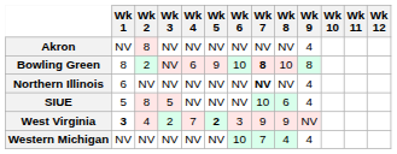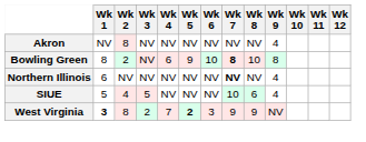 <table class="wikitable" style="white-space:nowrap;font-size:90%;text-align:center;">
 <tr>
 <th style="background:white; border-top-style:hidden; border-left-style:hidden;"> </th>
 <th>Wk<br> 1</th>
 <th>Wk<br>2</th>
 <th>Wk<br>3</th>
 <th>Wk<br>4</th>
 <th>Wk<br>5</th>
 <th>Wk<br>6</th>
 <th>Wk<br>7</th>
 <th>Wk<br>8</th>
 <th>Wk<br>9</th>
 <th>Wk<br>10</th>
 <th>Wk<br>11</th>
 <th>Wk<br>12</th>
 </tr>
 <tr>
 <th>Akron</th>
 <td style="background:#FFF;">NV</td>
 <td style="background:#ffe6e6;">8</td>
 <td style="background:#FFF;">NV</td>
 <td style="background:#FFF;">NV</td>
 <td style="background:#FFF;">NV</td>
 <td style="background:#FFF;">NV</td>
 <td style="background:#FFF;">NV</td>
 <td style="background:#FFF;">NV</td>
 <td style="background:#FFF;">4</td>
 <td style="background:#FFF;"></td>
 <td style="background:#FFF;"></td>
 <td style="background:#FFF;"></td>
 </tr>
 <tr>
 <th>Bowling Green</th>
 <td style="background:#FFF;">8</td>
 <td style="background:#d8ffeb;">2</td>
 <td style="background:#ffe6e6;">NV</td>
 <td style="background:#ffe6e6;">6</td>
 <td style="background:#ffe6e6;">9</td>
 <td style="background:#d8ffeb;">10</td>
 <td style="background:#ffe6e6;"><strong>8</strong></td>
 <td style="background:#ffe6e6;">10</td>
 <td style="background:#d8ffeb;">8</td>
 <td style="background:#FFF;"></td>
 <td style="background:#FFF;"></td>
 <td style="background:#FFF;"></td>
 </tr>
 <tr>
 <th>Northern Illinois</th>
 <td style="background:#FFF;">6</td>
 <td style="background:#FFF;">NV</td>
 <td style="background:#FFF;">NV</td>
 <td style="background:#FFF;">NV</td>
 <td style="background:#FFF;">NV</td>
 <td style="background:#FFF;">NV</td>
 <td style="background:#FFF;"><strong>NV</strong></td>
 <td style="background:#FFF;">NV</td>
 <td style="background:#FFF;">4</td>
 <td style="background:#FFF;"></td>
 <td style="background:#FFF;"></td>
 <td style="background:#FFF;"></td>
 </tr>
 <tr>
 <th>SIUE</th>
 <td style="background:#FFF;">5</td>
-<td style="background:#ffe6e6;">8</td>
+<td style="background:#ffe6e6;">4</td>
 <td style="background:#ffe6e6;">5</td>
 <td style="background:#FFF;">NV</td>
 <td style="background:#FFF;">NV</td>
 <td style="background:#FFF;">NV</td>
 <td style="background:#d8ffeb;">10</td>
 <td style="background:#d8ffeb;">6</td>
 <td style="background:#FFF;">4</td>
 <td style="background:#FFF;"></td>
 <td style="background:#FFF;"></td>
 <td style="background:#FFF;"></td>
 </tr>
 <tr>
 <th>West Virginia</th>
 <td style="background:#FFF;"><strong>3</strong></td>
-<td style="background:#ffe6e6;">4</td>
+<td style="background:#ffe6e6;">8</td>
 <td style="background:#d8ffeb;">2</td>
 <td style="background:#ffe6e6;">7</td>
 <td style="background:#d8ffeb;"><strong>2</strong></td>
 <td style="background:#ffe6e6;">3</td>
 <td style="background:#ffe6e6;">9</td>
 <td style="background:#ffe6e6;">9</td>
 <td style="background:#ffe6e6;">NV</td>
 <td style="background:#FFF;"></td>
 <td style="background:#FFF;"></td>
 <td style="background:#FFF;"></td>
 </tr>
-<tr>
-<th>Western Michigan</th>
-<td style="background:#FFF;">NV</td>
-<td style="background:#FFF;">NV</td>
-<td style="background:#FFF;">NV</td>
-<td style="background:#FFF;">NV</td>
-<td style="background:#FFF;">NV</td>
-<td style="background:#d8ffeb;">10</td>
-<td style="background:#d8ffeb;">7</td>
-<td style="background:#d8ffeb;">4</td>
-<td style="background:#FFF;">4</td>
-<td style="background:#FFF;"></td>
-<td style="background:#FFF;"></td>
-<td style="background:#FFF;"></td>
-</tr>
 </table>
